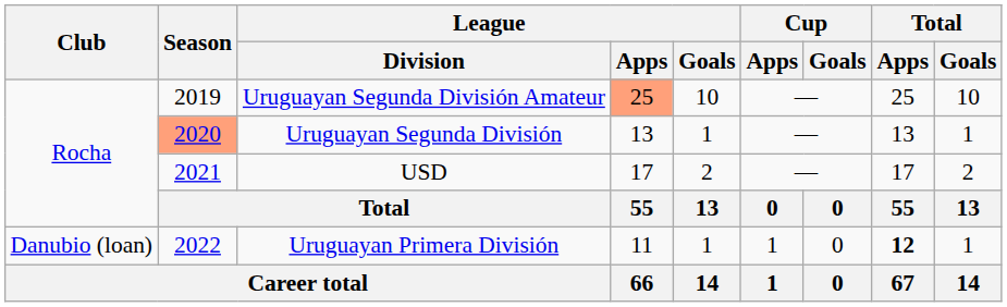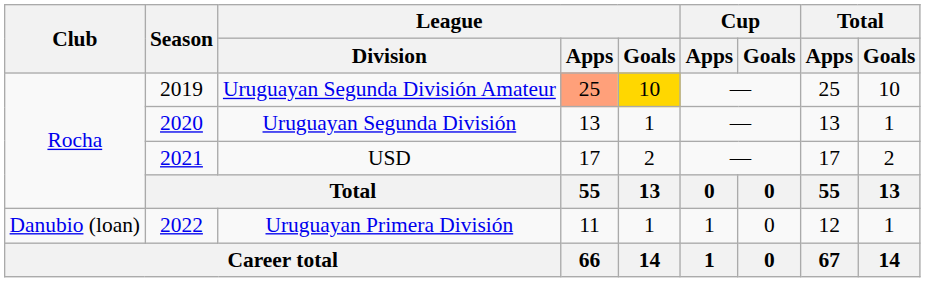 <table class="wikitable" Style="text-align: center">
 <tr>
 <th rowspan="2">Club</th>
 <th rowspan="2">Season</th>
 <th colspan="3">League</th>
 <th colspan="2">Cup</th>
 <th colspan="2">Total</th>
 </tr>
 <tr>
 <th>Division</th>
 <th>Apps</th>
 <th>Goals</th>
 <th>Apps</th>
 <th>Goals</th>
 <th>Apps</th>
 <th>Goals</th>
 </tr>
 <tr>
 <td rowspan="4"><a href='#'>Rocha</a></td>
 <td>2019</td>
 <td><a href='#'>Uruguayan Segunda División Amateur</a></td>
 <td style="background: lightsalmon;">25</td>
-<td>10</td>
+<td style="background: gold;">10</td>
 <td colspan="2">—</td>
 <td>25</td>
 <td>10</td>
 </tr>
 <tr>
-<td style="background: lightsalmon;"><a href='#'>2020</a></td>
+<td><a href='#'>2020</a></td>
 <td><a href='#'>Uruguayan Segunda División</a></td>
 <td>13</td>
 <td>1</td>
 <td colspan="2">—</td>
 <td>13</td>
 <td>1</td>
 </tr>
 <tr>
 <td><a href='#'>2021</a></td>
 <td>USD</td>
 <td>17</td>
 <td>2</td>
 <td colspan="2">—</td>
 <td>17</td>
 <td>2</td>
 </tr>
 <tr>
 <th colspan="2">Total</th>
 <th>55</th>
 <th>13</th>
 <th>0</th>
 <th>0</th>
 <th>55</th>
 <th>13</th>
 </tr>
 <tr>
 <td><a href='#'>Danubio</a> (loan)</td>
 <td><a href='#'>2022</a></td>
 <td><a href='#'>Uruguayan Primera División</a></td>
 <td>11</td>
 <td>1</td>
 <td>1</td>
 <td>0</td>
-<td><strong>12</strong></td>
+<td>12</td>
 <td>1</td>
 </tr>
 <tr>
 <th colspan="3">Career total</th>
 <th>66</th>
 <th>14</th>
 <th>1</th>
 <th>0</th>
 <th>67</th>
 <th>14</th>
 </tr>
 </table>
